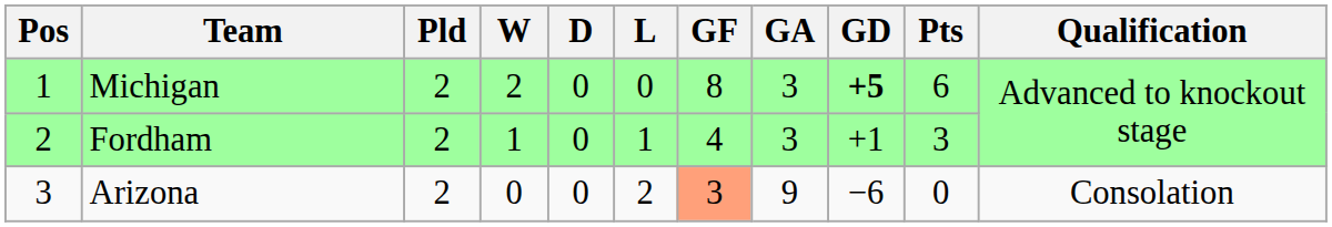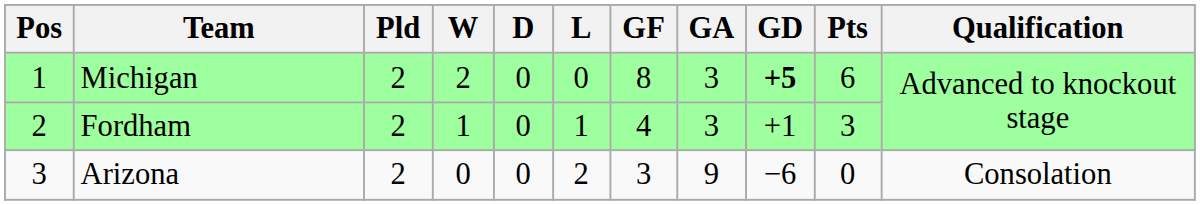 <table class="wikitable" style="text-align:center; margin: 1em auto">
 <tr>
 <th style=width:2em>Pos</th>
 <th style=width:13em>Team</th>
 <th style=width:2em>Pld</th>
 <th style=width:2em>W</th>
 <th style=width:2em>D</th>
 <th style=width:2em>L</th>
 <th style=width:2em>GF</th>
 <th style=width:2em>GA</th>
 <th style=width:2em>GD</th>
 <th style=width:2em>Pts</th>
 <th style=width:13em>Qualification</th>
 </tr>
 <tr bgcolor="#9eff9e">
 <td>1</td>
 <td style="text-align:left">Michigan</td>
 <td>2</td>
 <td>2</td>
 <td>0</td>
 <td>0</td>
 <td>8</td>
 <td>3</td>
 <td><strong>+5</strong></td>
 <td>6</td>
 <td rowspan="2">Advanced to knockout stage</td>
 </tr>
 <tr bgcolor="#9eff9e">
 <td>2</td>
 <td style="text-align:left">Fordham</td>
 <td>2</td>
 <td>1</td>
 <td>0</td>
 <td>1</td>
 <td>4</td>
 <td>3</td>
 <td>+1</td>
 <td>3</td>
 </tr>
 <tr>
 <td>3</td>
 <td style="text-align:left">Arizona</td>
 <td>2</td>
 <td>0</td>
 <td>0</td>
 <td>2</td>
-<td style="background: lightsalmon;">3</td>
+<td>3</td>
 <td>9</td>
 <td>−6</td>
 <td>0</td>
 <td>Consolation</td>
 </tr>
 </table>
